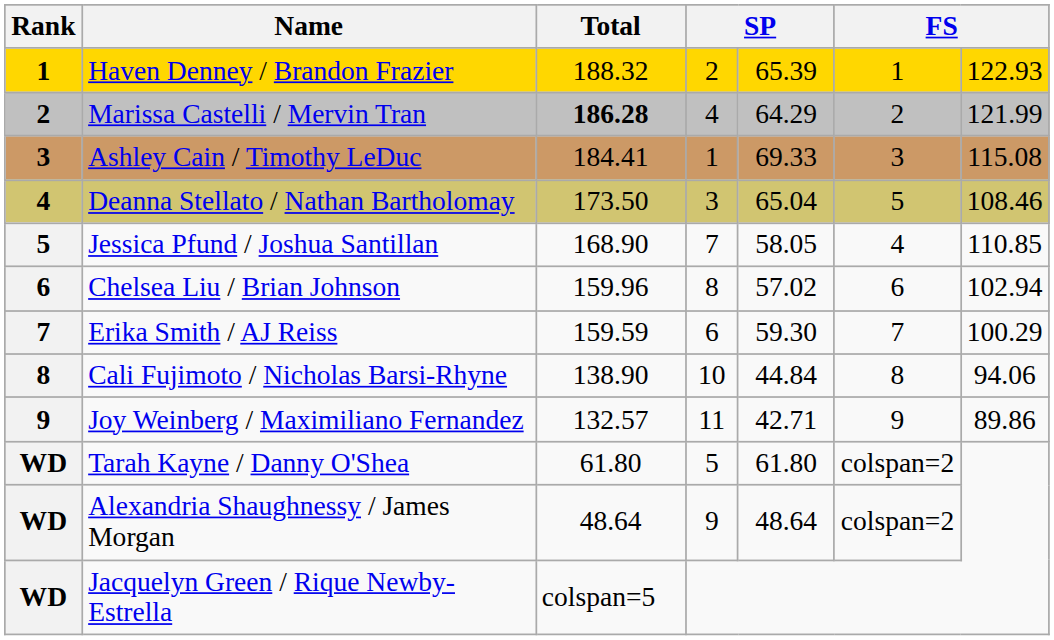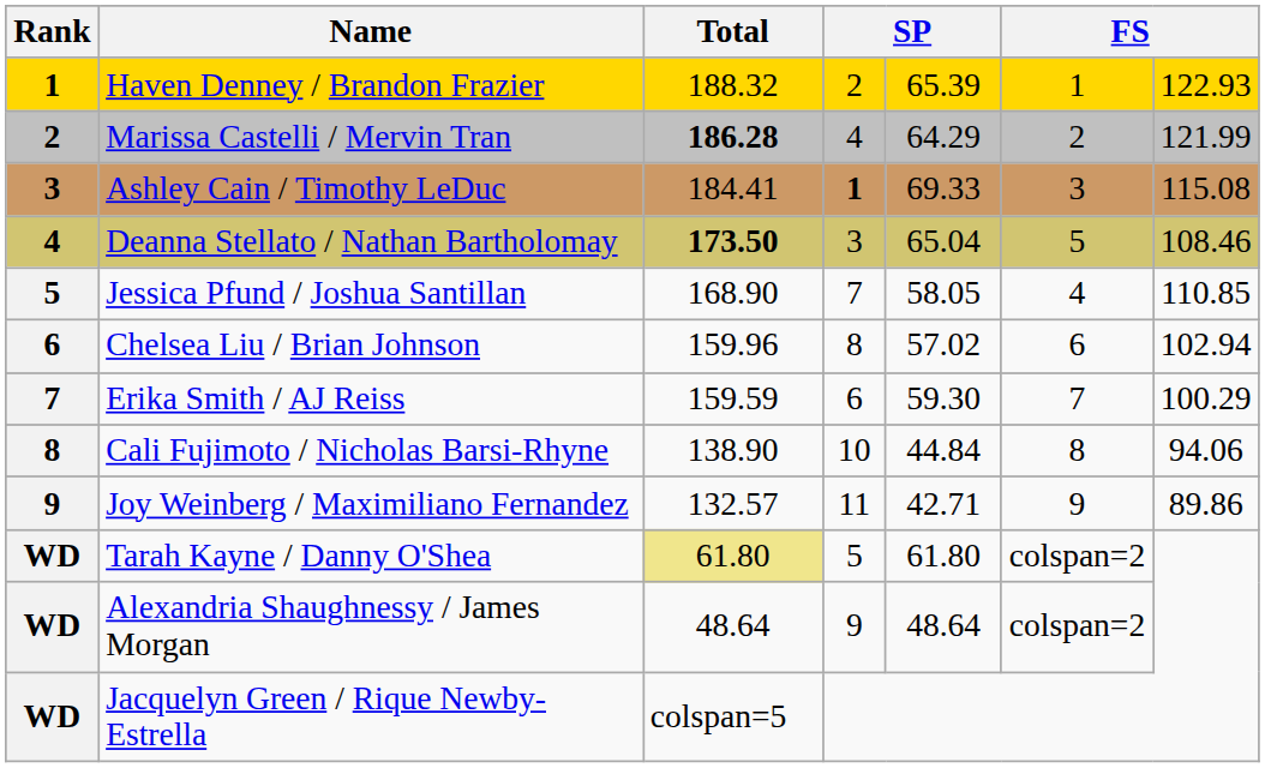 <table class="wikitable sortable">
 <tr>
 <th>Rank</th>
 <th>Name</th>
 <th width="80px">Total</th>
 <th colspan="2" width="80px"><a href='#'>SP</a></th>
 <th colspan="2" width="80px"><a href='#'>FS</a></th>
 </tr>
 <tr bgcolor="gold">
 <td align="center"><strong>1</strong></td>
 <td><a href='#'>Haven Denney</a> / <a href='#'>Brandon Frazier</a></td>
 <td align="center">188.32</td>
 <td align="center">2</td>
 <td align="center">65.39</td>
 <td align="center">1</td>
 <td align="center">122.93</td>
 </tr>
 <tr bgcolor="silver">
 <td align="center"><strong>2</strong></td>
 <td><a href='#'>Marissa Castelli</a> / <a href='#'>Mervin Tran</a></td>
 <td align="center"><strong>186.28</strong></td>
 <td align="center">4</td>
 <td align="center">64.29</td>
 <td align="center">2</td>
 <td align="center">121.99</td>
 </tr>
 <tr bgcolor="cc9966">
 <td align="center"><strong>3</strong></td>
 <td><a href='#'>Ashley Cain</a> / <a href='#'>Timothy LeDuc</a></td>
 <td align="center">184.41</td>
-<td align="center">1</td>
+<td align="center"><strong>1</strong></td>
 <td align="center">69.33</td>
 <td align="center">3</td>
 <td align="center">115.08</td>
 </tr>
 <tr bgcolor="#d1c571">
 <td align="center"><strong>4</strong></td>
 <td><a href='#'>Deanna Stellato</a> / <a href='#'>Nathan Bartholomay</a></td>
-<td align="center">173.50</td>
+<td align="center"><strong>173.50</strong></td>
 <td align="center">3</td>
 <td align="center">65.04</td>
 <td align="center">5</td>
 <td align="center">108.46</td>
 </tr>
 <tr>
 <th>5</th>
 <td><a href='#'>Jessica Pfund</a> / <a href='#'>Joshua Santillan</a></td>
 <td align="center">168.90</td>
 <td align="center">7</td>
 <td align="center">58.05</td>
 <td align="center">4</td>
 <td align="center">110.85</td>
 </tr>
 <tr>
 <th>6</th>
 <td><a href='#'>Chelsea Liu</a> / <a href='#'>Brian Johnson</a></td>
 <td align="center">159.96</td>
 <td align="center">8</td>
 <td align="center">57.02</td>
 <td align="center">6</td>
 <td align="center">102.94</td>
 </tr>
 <tr>
 <th>7</th>
 <td><a href='#'>Erika Smith</a> / <a href='#'>AJ Reiss</a></td>
 <td align="center">159.59</td>
 <td align="center">6</td>
 <td align="center">59.30</td>
 <td align="center">7</td>
 <td align="center">100.29</td>
 </tr>
 <tr>
 <th>8</th>
 <td><a href='#'>Cali Fujimoto</a> / <a href='#'>Nicholas Barsi-Rhyne</a></td>
 <td align="center">138.90</td>
 <td align="center">10</td>
 <td align="center">44.84</td>
 <td align="center">8</td>
 <td align="center">94.06</td>
 </tr>
 <tr>
 <th>9</th>
 <td><a href='#'>Joy Weinberg</a> / <a href='#'>Maximiliano Fernandez</a></td>
 <td align="center">132.57</td>
 <td align="center">11</td>
 <td align="center">42.71</td>
 <td align="center">9</td>
 <td align="center">89.86</td>
 </tr>
 <tr>
 <th>WD</th>
 <td><a href='#'>Tarah Kayne</a> / <a href='#'>Danny O'Shea</a></td>
-<td align="center">61.80</td>
+<td align="center" style="background: khaki;">61.80</td>
 <td align="center">5</td>
 <td align="center">61.80</td>
 <td>colspan=2 </td>
 </tr>
 <tr>
 <th>WD</th>
 <td><a href='#'>Alexandria Shaughnessy</a> / James Morgan</td>
 <td align="center">48.64</td>
 <td align="center">9</td>
 <td align="center">48.64</td>
 <td>colspan=2 </td>
 </tr>
 <tr>
 <th>WD</th>
 <td><a href='#'>Jacquelyn Green</a> / <a href='#'>Rique Newby-Estrella</a></td>
 <td>colspan=5 </td>
 </tr>
 </table>
